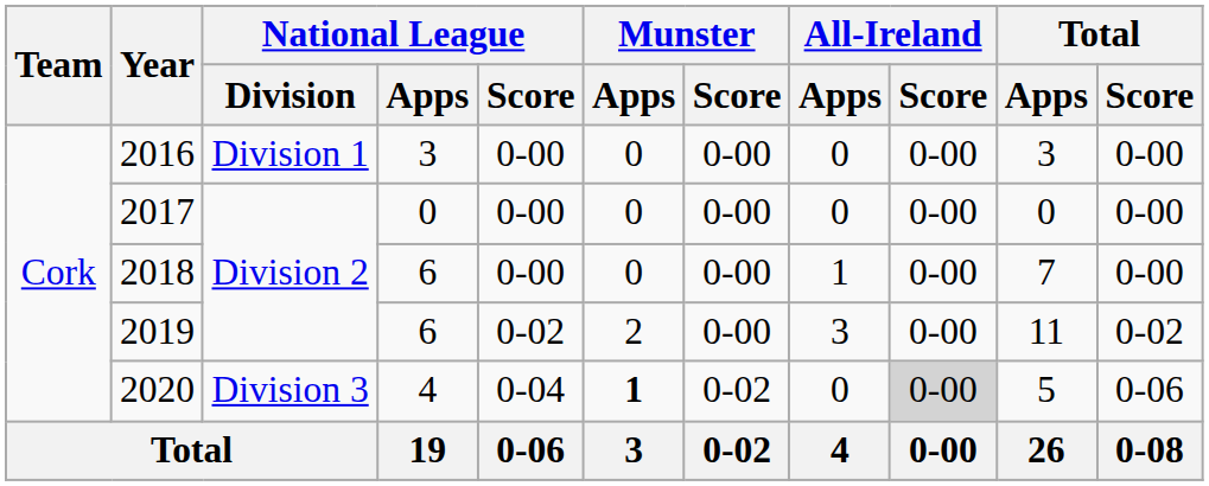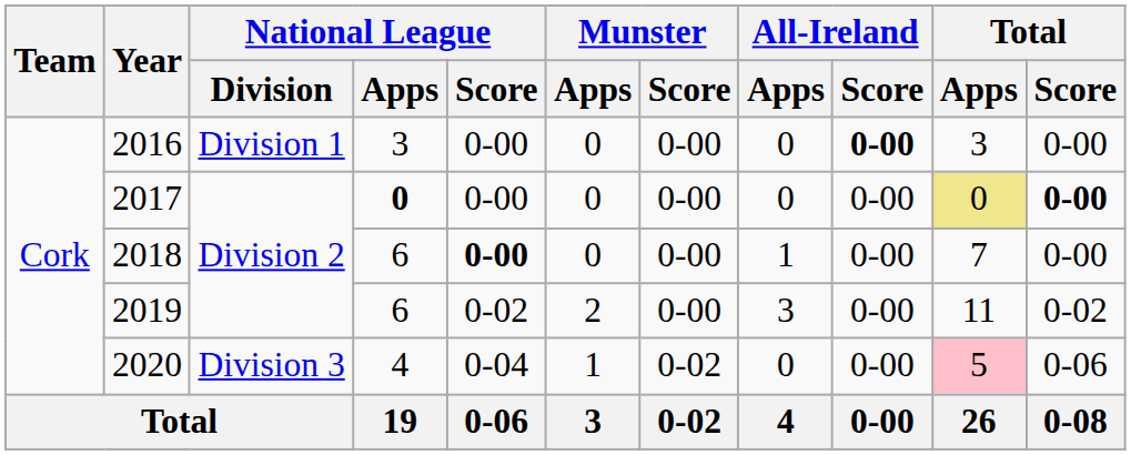 <table class="wikitable" style="text-align:center">
 <tr>
 <th rowspan="2">Team</th>
 <th rowspan="2">Year</th>
 <th colspan="3"><a href='#'>National League</a></th>
 <th colspan="2"><a href='#'>Munster</a></th>
 <th colspan="2"><a href='#'>All-Ireland</a></th>
 <th colspan="2">Total</th>
 </tr>
 <tr>
 <th>Division</th>
 <th>Apps</th>
 <th>Score</th>
 <th>Apps</th>
 <th>Score</th>
 <th>Apps</th>
 <th>Score</th>
 <th>Apps</th>
 <th>Score</th>
 </tr>
 <tr>
 <td rowspan="5"><a href='#'>Cork</a></td>
 <td>2016</td>
 <td rowspan="1"><a href='#'>Division 1</a></td>
 <td>3</td>
 <td>0-00</td>
 <td>0</td>
 <td>0-00</td>
 <td>0</td>
-<td>0-00</td>
+<td><strong>0-00</strong></td>
 <td>3</td>
 <td>0-00</td>
 </tr>
 <tr>
 <td>2017</td>
 <td rowspan="3"><a href='#'>Division 2</a></td>
-<td>0</td>
+<td><strong>0</strong></td>
 <td>0-00</td>
 <td>0</td>
 <td>0-00</td>
 <td>0</td>
 <td>0-00</td>
-<td>0</td>
-<td>0-00</td>
+<td style="background: khaki;">0</td>
+<td><strong>0-00</strong></td>
 </tr>
 <tr>
 <td>2018</td>
 <td>6</td>
-<td>0-00</td>
+<td><strong>0-00</strong></td>
 <td>0</td>
 <td>0-00</td>
 <td>1</td>
 <td>0-00</td>
 <td>7</td>
 <td>0-00</td>
 </tr>
 <tr>
 <td>2019</td>
 <td>6</td>
 <td>0-02</td>
 <td>2</td>
 <td>0-00</td>
 <td>3</td>
 <td>0-00</td>
 <td>11</td>
 <td>0-02</td>
 </tr>
 <tr>
 <td>2020</td>
 <td rowspan="1"><a href='#'>Division 3</a></td>
 <td>4</td>
 <td>0-04</td>
-<td><strong>1</strong></td>
+<td>1</td>
 <td>0-02</td>
 <td>0</td>
-<td style="background: lightgrey;">0-00</td>
-<td>5</td>
+<td>0-00</td>
+<td style="background: pink;">5</td>
 <td>0-06</td>
 </tr>
 <tr>
 <th colspan="3">Total</th>
 <th>19</th>
 <th>0-06</th>
 <th>3</th>
 <th>0-02</th>
 <th>4</th>
 <th>0-00</th>
 <th>26</th>
 <th>0-08</th>
 </tr>
 </table>
